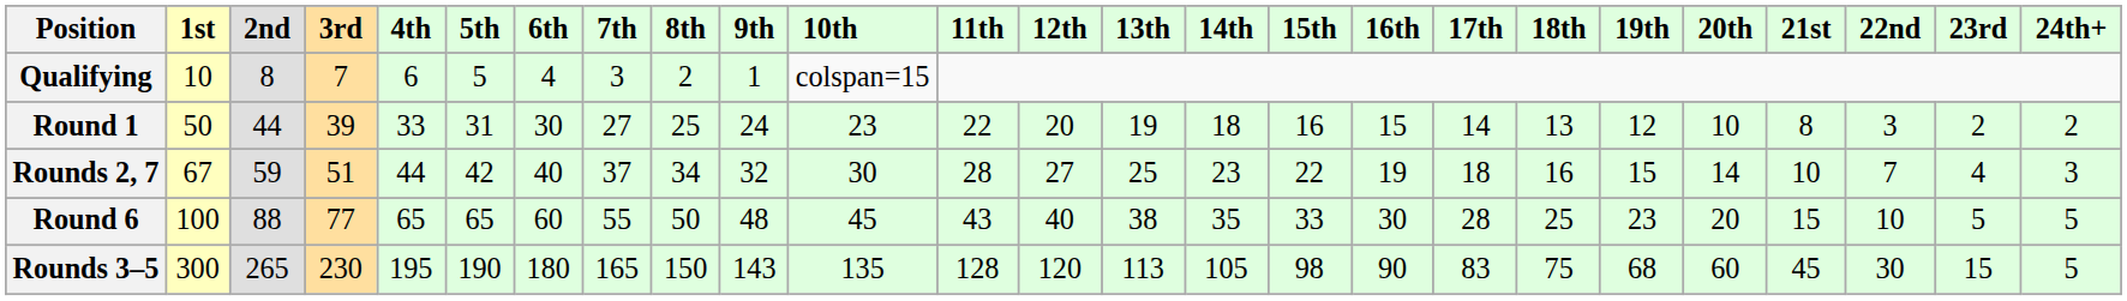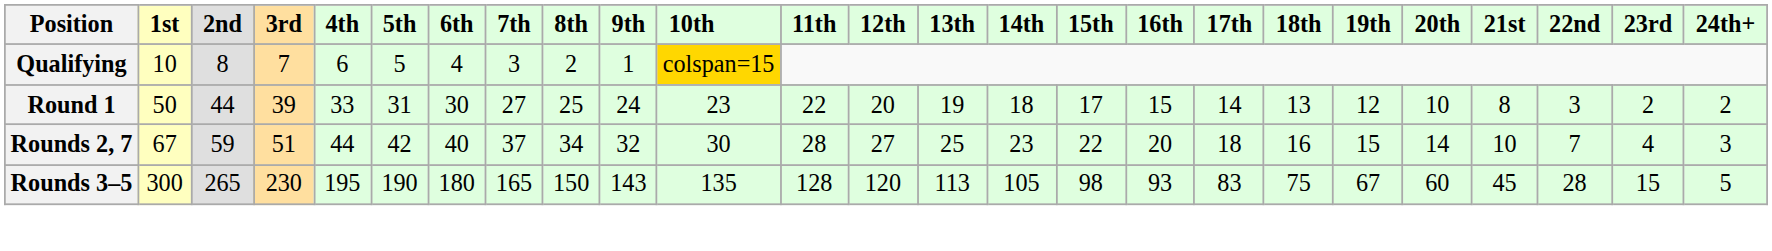 <table class="wikitable" style="font-size:85%;">
 <tr>
 <th>Position</th>
 <td style="background:#ffffbf;"> <strong>1st</strong> </td>
 <td style="background:#dfdfdf;"> <strong>2nd</strong> </td>
 <td style="background:#ffdf9f;"> <strong>3rd</strong> </td>
 <td style="background:#dfffdf;"> <strong>4th</strong> </td>
 <td style="background:#dfffdf;"> <strong>5th</strong> </td>
 <td style="background:#dfffdf;"> <strong>6th</strong> </td>
 <td style="background:#dfffdf;"> <strong>7th</strong> </td>
 <td style="background:#dfffdf;"> <strong>8th</strong> </td>
 <td style="background:#dfffdf;"> <strong>9th</strong> </td>
 <td style="background:#dfffdf;"> <strong>10th</strong> </td>
 <td style="background:#dfffdf;"> <strong>11th</strong> </td>
 <td style="background:#dfffdf;"> <strong>12th</strong> </td>
 <td style="background:#dfffdf;"> <strong>13th</strong> </td>
 <td style="background:#dfffdf;"> <strong>14th</strong> </td>
 <td style="background:#dfffdf;"> <strong>15th</strong> </td>
 <td style="background:#dfffdf;"> <strong>16th</strong> </td>
 <td style="background:#dfffdf;"> <strong>17th</strong> </td>
 <td style="background:#dfffdf;"> <strong>18th</strong> </td>
 <td style="background:#dfffdf;"> <strong>19th</strong> </td>
 <td style="background:#dfffdf;"> <strong>20th</strong> </td>
 <td style="background:#dfffdf;"> <strong>21st</strong> </td>
 <td style="background:#dfffdf;"> <strong>22nd</strong> </td>
 <td style="background:#dfffdf;"> <strong>23rd</strong> </td>
 <td style="background:#dfffdf;"> <strong>24th+</strong> </td>
 </tr>
 <tr align="center">
 <th>Qualifying</th>
 <td style="background:#ffffbf;">10</td>
 <td style="background:#dfdfdf;">8</td>
 <td style="background:#ffdf9f;">7</td>
 <td style="background:#dfffdf;">6</td>
 <td style="background:#dfffdf;">5</td>
 <td style="background:#dfffdf;">4</td>
 <td style="background:#dfffdf;">3</td>
 <td style="background:#dfffdf;">2</td>
 <td style="background:#dfffdf;">1</td>
-<td>colspan=15 </td>
+<td style="background: gold;">colspan=15 </td>
 </tr>
 <tr align="center">
 <th>Round 1</th>
 <td style="background:#ffffbf;">50</td>
 <td style="background:#dfdfdf;">44</td>
 <td style="background:#ffdf9f;">39</td>
 <td style="background:#dfffdf;">33</td>
 <td style="background:#dfffdf;">31</td>
 <td style="background:#dfffdf;">30</td>
 <td style="background:#dfffdf;">27</td>
 <td style="background:#dfffdf;">25</td>
 <td style="background:#dfffdf;">24</td>
 <td style="background:#dfffdf;">23</td>
 <td style="background:#dfffdf;">22</td>
 <td style="background:#dfffdf;">20</td>
 <td style="background:#dfffdf;">19</td>
 <td style="background:#dfffdf;">18</td>
-<td style="background:#dfffdf;">16</td>
+<td style="background:#dfffdf;">17</td>
 <td style="background:#dfffdf;">15</td>
 <td style="background:#dfffdf;">14</td>
 <td style="background:#dfffdf;">13</td>
 <td style="background:#dfffdf;">12</td>
 <td style="background:#dfffdf;">10</td>
 <td style="background:#dfffdf;">8</td>
 <td style="background:#dfffdf;">3</td>
 <td style="background:#dfffdf;">2</td>
 <td style="background:#dfffdf;">2</td>
 </tr>
 <tr align="center">
 <th>Rounds 2, 7</th>
 <td style="background:#ffffbf;">67</td>
 <td style="background:#dfdfdf;">59</td>
 <td style="background:#ffdf9f;">51</td>
 <td style="background:#dfffdf;">44</td>
 <td style="background:#dfffdf;">42</td>
 <td style="background:#dfffdf;">40</td>
 <td style="background:#dfffdf;">37</td>
 <td style="background:#dfffdf;">34</td>
 <td style="background:#dfffdf;">32</td>
 <td style="background:#dfffdf;">30</td>
 <td style="background:#dfffdf;">28</td>
 <td style="background:#dfffdf;">27</td>
 <td style="background:#dfffdf;">25</td>
 <td style="background:#dfffdf;">23</td>
 <td style="background:#dfffdf;">22</td>
-<td style="background:#dfffdf;">19</td>
+<td style="background:#dfffdf;">20</td>
 <td style="background:#dfffdf;">18</td>
 <td style="background:#dfffdf;">16</td>
 <td style="background:#dfffdf;">15</td>
 <td style="background:#dfffdf;">14</td>
 <td style="background:#dfffdf;">10</td>
 <td style="background:#dfffdf;">7</td>
 <td style="background:#dfffdf;">4</td>
 <td style="background:#dfffdf;">3</td>
-</tr>
-<tr align="center">
-<th>Round 6</th>
-<td style="background:#ffffbf;">100</td>
-<td style="background:#dfdfdf;">88</td>
-<td style="background:#ffdf9f;">77</td>
-<td style="background:#dfffdf;">65</td>
-<td style="background:#dfffdf;">65</td>
-<td style="background:#dfffdf;">60</td>
-<td style="background:#dfffdf;">55</td>
-<td style="background:#dfffdf;">50</td>
-<td style="background:#dfffdf;">48</td>
-<td style="background:#dfffdf;">45</td>
-<td style="background:#dfffdf;">43</td>
-<td style="background:#dfffdf;">40</td>
-<td style="background:#dfffdf;">38</td>
-<td style="background:#dfffdf;">35</td>
-<td style="background:#dfffdf;">33</td>
-<td style="background:#dfffdf;">30</td>
-<td style="background:#dfffdf;">28</td>
-<td style="background:#dfffdf;">25</td>
-<td style="background:#dfffdf;">23</td>
-<td style="background:#dfffdf;">20</td>
-<td style="background:#dfffdf;">15</td>
-<td style="background:#dfffdf;">10</td>
-<td style="background:#dfffdf;">5</td>
-<td style="background:#dfffdf;">5</td>
 </tr>
 <tr align="center">
 <th>Rounds 3–5</th>
 <td style="background:#ffffbf;">300</td>
 <td style="background:#dfdfdf;">265</td>
 <td style="background:#ffdf9f;">230</td>
 <td style="background:#dfffdf;">195</td>
 <td style="background:#dfffdf;">190</td>
 <td style="background:#dfffdf;">180</td>
 <td style="background:#dfffdf;">165</td>
 <td style="background:#dfffdf;">150</td>
 <td style="background:#dfffdf;">143</td>
 <td style="background:#dfffdf;">135</td>
 <td style="background:#dfffdf;">128</td>
 <td style="background:#dfffdf;">120</td>
 <td style="background:#dfffdf;">113</td>
 <td style="background:#dfffdf;">105</td>
 <td style="background:#dfffdf;">98</td>
-<td style="background:#dfffdf;">90</td>
+<td style="background:#dfffdf;">93</td>
 <td style="background:#dfffdf;">83</td>
 <td style="background:#dfffdf;">75</td>
-<td style="background:#dfffdf;">68</td>
+<td style="background:#dfffdf;">67</td>
 <td style="background:#dfffdf;">60</td>
 <td style="background:#dfffdf;">45</td>
-<td style="background:#dfffdf;">30</td>
+<td style="background:#dfffdf;">28</td>
 <td style="background:#dfffdf;">15</td>
 <td style="background:#dfffdf;">5</td>
 </tr>
 </table>
